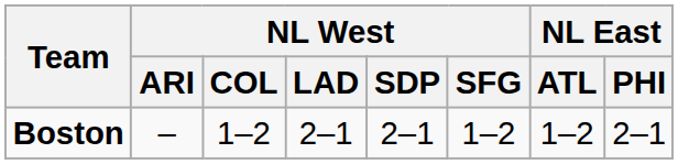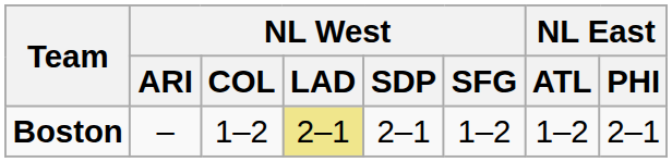 <table class="wikitable" style="text-align:center; font-size: 95%;">
 <tr>
 <th rowspan=2>Team</th>
 <th colspan=5>NL West</th>
 <th colspan=2>NL East</th>
 </tr>
 <tr>
 <th><strong>ARI</strong></th>
 <th><strong>COL</strong></th>
 <th><strong>LAD</strong></th>
 <th><strong>SDP</strong></th>
 <th><strong>SFG</strong></th>
 <th><strong>ATL</strong></th>
 <th><strong>PHI</strong></th>
 </tr>
 <tr>
 <td><strong>Boston</strong></td>
 <td>–</td>
 <td>1–2</td>
-<td>2–1</td>
+<td style="background: khaki;">2–1</td>
 <td>2–1</td>
 <td>1–2</td>
 <td>1–2</td>
 <td>2–1</td>
 </tr>
 </table>
